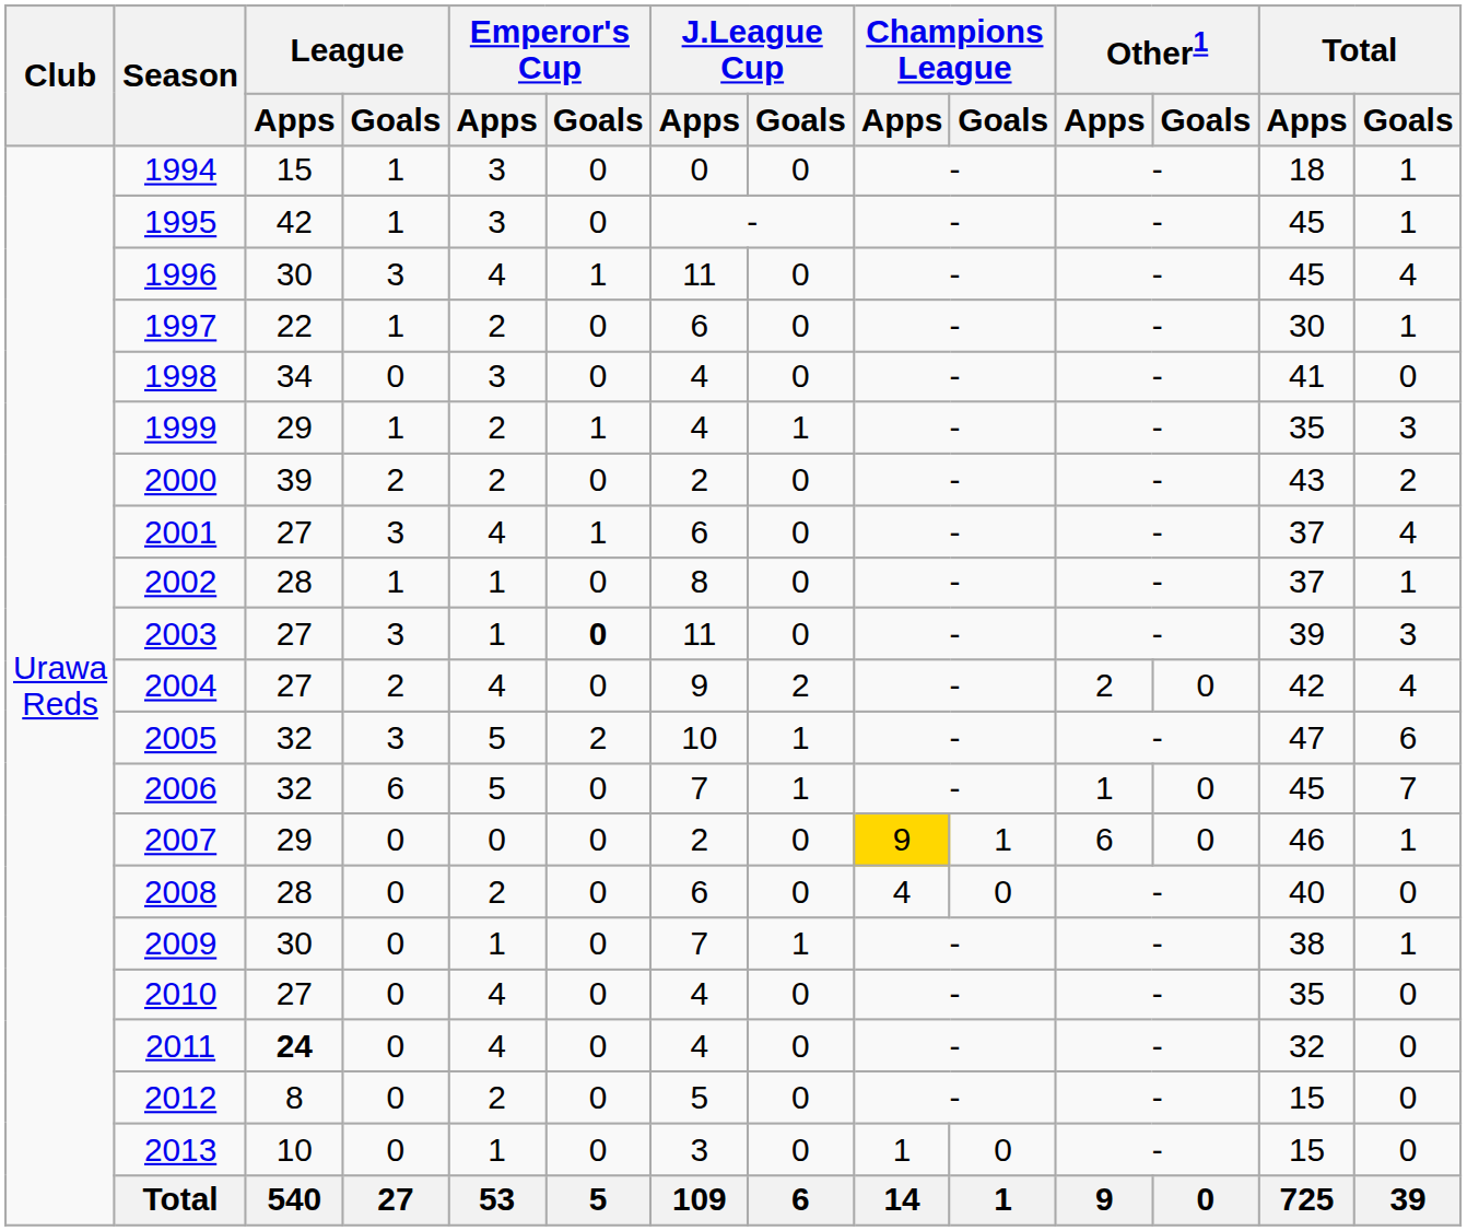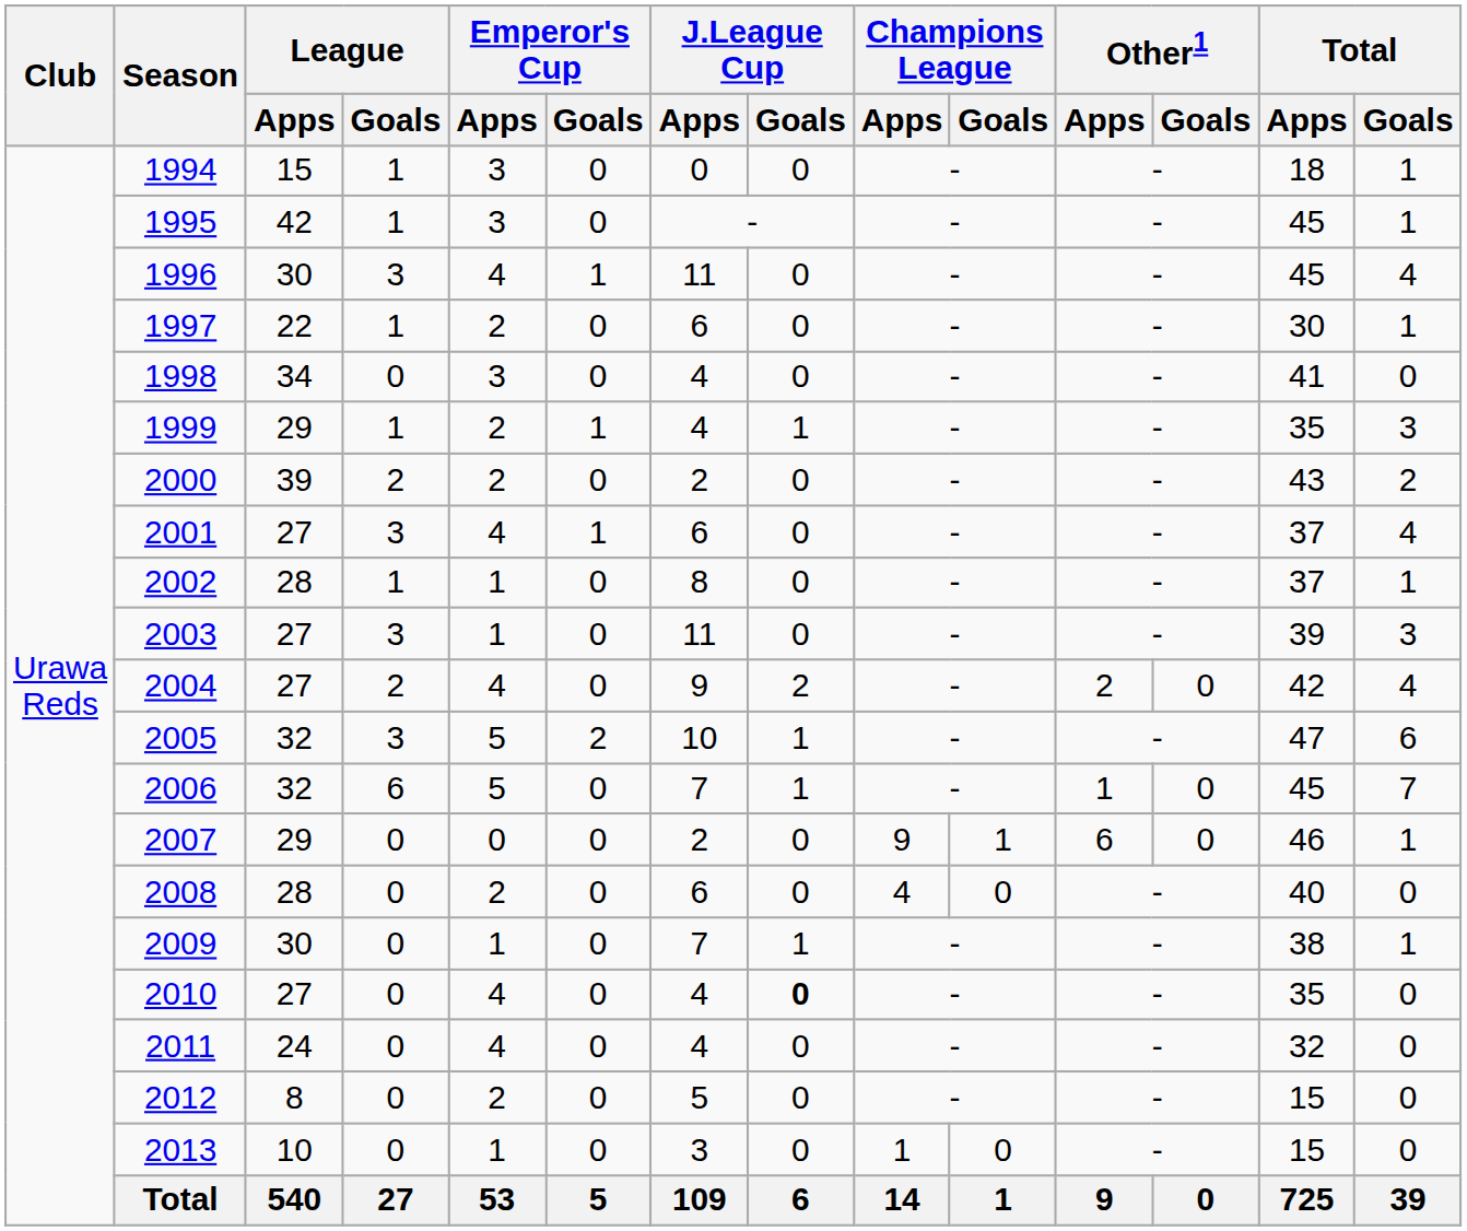 <table class="wikitable" style="font-size:90%; text-align: center;">
 <tr>
 <th rowspan="2">Club</th>
 <th rowspan="2">Season</th>
 <th colspan="2">League</th>
 <th colspan="2"><a href='#'>Emperor's Cup</a></th>
 <th colspan="2"><a href='#'>J.League Cup</a></th>
 <th colspan="2"><a href='#'>Champions League</a></th>
 <th colspan="2">Other<sup><a href='#'>1</a></sup></th>
 <th colspan="2">Total</th>
 </tr>
 <tr>
 <th>Apps</th>
 <th>Goals</th>
 <th>Apps</th>
 <th>Goals</th>
 <th>Apps</th>
 <th>Goals</th>
 <th>Apps</th>
 <th>Goals</th>
 <th>Apps</th>
 <th>Goals</th>
 <th>Apps</th>
 <th>Goals</th>
 </tr>
 <tr>
 <td rowspan="21"><a href='#'>Urawa Reds</a></td>
 <td><a href='#'>1994</a></td>
 <td>15</td>
 <td>1</td>
 <td>3</td>
 <td>0</td>
 <td>0</td>
 <td>0</td>
 <td colspan="2">-</td>
 <td colspan="2">-</td>
 <td>18</td>
 <td>1</td>
 </tr>
 <tr>
 <td><a href='#'>1995</a></td>
 <td>42</td>
 <td>1</td>
 <td>3</td>
 <td>0</td>
 <td colspan="2">-</td>
 <td colspan="2">-</td>
 <td colspan="2">-</td>
 <td>45</td>
 <td>1</td>
 </tr>
 <tr>
 <td><a href='#'>1996</a></td>
 <td>30</td>
 <td>3</td>
 <td>4</td>
 <td>1</td>
 <td>11</td>
 <td>0</td>
 <td colspan="2">-</td>
 <td colspan="2">-</td>
 <td>45</td>
 <td>4</td>
 </tr>
 <tr>
 <td><a href='#'>1997</a></td>
 <td>22</td>
 <td>1</td>
 <td>2</td>
 <td>0</td>
 <td>6</td>
 <td>0</td>
 <td colspan="2">-</td>
 <td colspan="2">-</td>
 <td>30</td>
 <td>1</td>
 </tr>
 <tr>
 <td><a href='#'>1998</a></td>
 <td>34</td>
 <td>0</td>
 <td>3</td>
 <td>0</td>
 <td>4</td>
 <td>0</td>
 <td colspan="2">-</td>
 <td colspan="2">-</td>
 <td>41</td>
 <td>0</td>
 </tr>
 <tr>
 <td><a href='#'>1999</a></td>
 <td>29</td>
 <td>1</td>
 <td>2</td>
 <td>1</td>
 <td>4</td>
 <td>1</td>
 <td colspan="2">-</td>
 <td colspan="2">-</td>
 <td>35</td>
 <td>3</td>
 </tr>
 <tr>
 <td><a href='#'>2000</a></td>
 <td>39</td>
 <td>2</td>
 <td>2</td>
 <td>0</td>
 <td>2</td>
 <td>0</td>
 <td colspan="2">-</td>
 <td colspan="2">-</td>
 <td>43</td>
 <td>2</td>
 </tr>
 <tr>
 <td><a href='#'>2001</a></td>
 <td>27</td>
 <td>3</td>
 <td>4</td>
 <td>1</td>
 <td>6</td>
 <td>0</td>
 <td colspan="2">-</td>
 <td colspan="2">-</td>
 <td>37</td>
 <td>4</td>
 </tr>
 <tr>
 <td><a href='#'>2002</a></td>
 <td>28</td>
 <td>1</td>
 <td>1</td>
 <td>0</td>
 <td>8</td>
 <td>0</td>
 <td colspan="2">-</td>
 <td colspan="2">-</td>
 <td>37</td>
 <td>1</td>
 </tr>
 <tr>
 <td><a href='#'>2003</a></td>
 <td>27</td>
 <td>3</td>
 <td>1</td>
-<td><strong>0</strong></td>
+<td>0</td>
 <td>11</td>
 <td>0</td>
 <td colspan="2">-</td>
 <td colspan="2">-</td>
 <td>39</td>
 <td>3</td>
 </tr>
 <tr>
 <td><a href='#'>2004</a></td>
 <td>27</td>
 <td>2</td>
 <td>4</td>
 <td>0</td>
 <td>9</td>
 <td>2</td>
 <td colspan="2">-</td>
 <td>2</td>
 <td>0</td>
 <td>42</td>
 <td>4</td>
 </tr>
 <tr>
 <td><a href='#'>2005</a></td>
 <td>32</td>
 <td>3</td>
 <td>5</td>
 <td>2</td>
 <td>10</td>
 <td>1</td>
 <td colspan="2">-</td>
 <td colspan="2">-</td>
 <td>47</td>
 <td>6</td>
 </tr>
 <tr>
 <td><a href='#'>2006</a></td>
 <td>32</td>
 <td>6</td>
 <td>5</td>
 <td>0</td>
 <td>7</td>
 <td>1</td>
 <td colspan="2">-</td>
 <td>1</td>
 <td>0</td>
 <td>45</td>
 <td>7</td>
 </tr>
 <tr>
 <td><a href='#'>2007</a></td>
 <td>29</td>
 <td>0</td>
 <td>0</td>
 <td>0</td>
 <td>2</td>
 <td>0</td>
-<td style="background: gold;">9</td>
+<td>9</td>
 <td>1</td>
 <td>6</td>
 <td>0</td>
 <td>46</td>
 <td>1</td>
 </tr>
 <tr>
 <td><a href='#'>2008</a></td>
 <td>28</td>
 <td>0</td>
 <td>2</td>
 <td>0</td>
 <td>6</td>
 <td>0</td>
 <td>4</td>
 <td>0</td>
 <td colspan="2">-</td>
 <td>40</td>
 <td>0</td>
 </tr>
 <tr>
 <td><a href='#'>2009</a></td>
 <td>30</td>
 <td>0</td>
 <td>1</td>
 <td>0</td>
 <td>7</td>
 <td>1</td>
 <td colspan="2">-</td>
 <td colspan="2">-</td>
 <td>38</td>
 <td>1</td>
 </tr>
 <tr>
 <td><a href='#'>2010</a></td>
 <td>27</td>
 <td>0</td>
 <td>4</td>
 <td>0</td>
 <td>4</td>
-<td>0</td>
+<td><strong>0</strong></td>
 <td colspan="2">-</td>
 <td colspan="2">-</td>
 <td>35</td>
 <td>0</td>
 </tr>
 <tr>
 <td><a href='#'>2011</a></td>
-<td><strong>24</strong></td>
+<td>24</td>
 <td>0</td>
 <td>4</td>
 <td>0</td>
 <td>4</td>
 <td>0</td>
 <td colspan="2">-</td>
 <td colspan="2">-</td>
 <td>32</td>
 <td>0</td>
 </tr>
 <tr>
 <td><a href='#'>2012</a></td>
 <td>8</td>
 <td>0</td>
 <td>2</td>
 <td>0</td>
 <td>5</td>
 <td>0</td>
 <td colspan="2">-</td>
 <td colspan="2">-</td>
 <td>15</td>
 <td>0</td>
 </tr>
 <tr>
 <td><a href='#'>2013</a></td>
 <td>10</td>
 <td>0</td>
 <td>1</td>
 <td>0</td>
 <td>3</td>
 <td>0</td>
 <td>1</td>
 <td>0</td>
 <td colspan="2">-</td>
 <td>15</td>
 <td>0</td>
 </tr>
 <tr>
 <th colspan="1">Total</th>
 <th>540</th>
 <th>27</th>
 <th>53</th>
 <th>5</th>
 <th>109</th>
 <th>6</th>
 <th>14</th>
 <th>1</th>
 <th>9</th>
 <th>0</th>
 <th>725</th>
 <th>39</th>
 </tr>
 </table>
